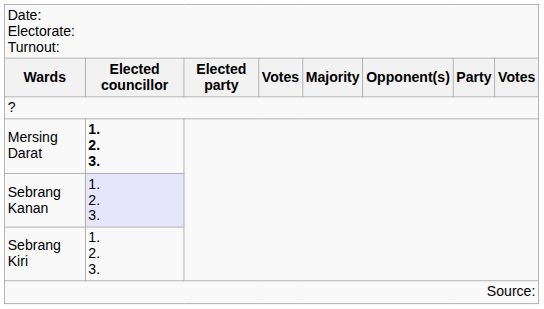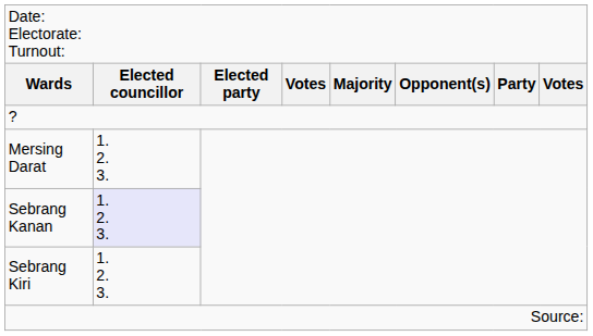 <table class=wikitable>
 <tr>
 <td colspan=8>Date: <br>Electorate: <br>Turnout:</td>
 </tr>
 <tr>
 <th>Wards</th>
 <th>Elected councillor</th>
 <th>Elected party</th>
 <th>Votes</th>
 <th>Majority</th>
 <th>Opponent(s)</th>
 <th>Party</th>
 <th>Votes</th>
 </tr>
 <tr>
 <td colspan=8>? </td>
 </tr>
 <tr>
 <td>Mersing Darat</td>
-<td><strong>1.<br>2.<br>3.</strong></td>
+<td>1.<br>2.<br>3.</td>
 </tr>
 <tr>
 <td>Sebrang Kanan</td>
 <td style="background: lavender;">1.<br>2.<br>3.</td>
 </tr>
 <tr>
 <td>Sebrang Kiri</td>
 <td>1.<br>2.<br>3.</td>
 </tr>
 <tr>
 <td colspan="8" style="text-align:right;">Source: </td>
 </tr>
 </table>
